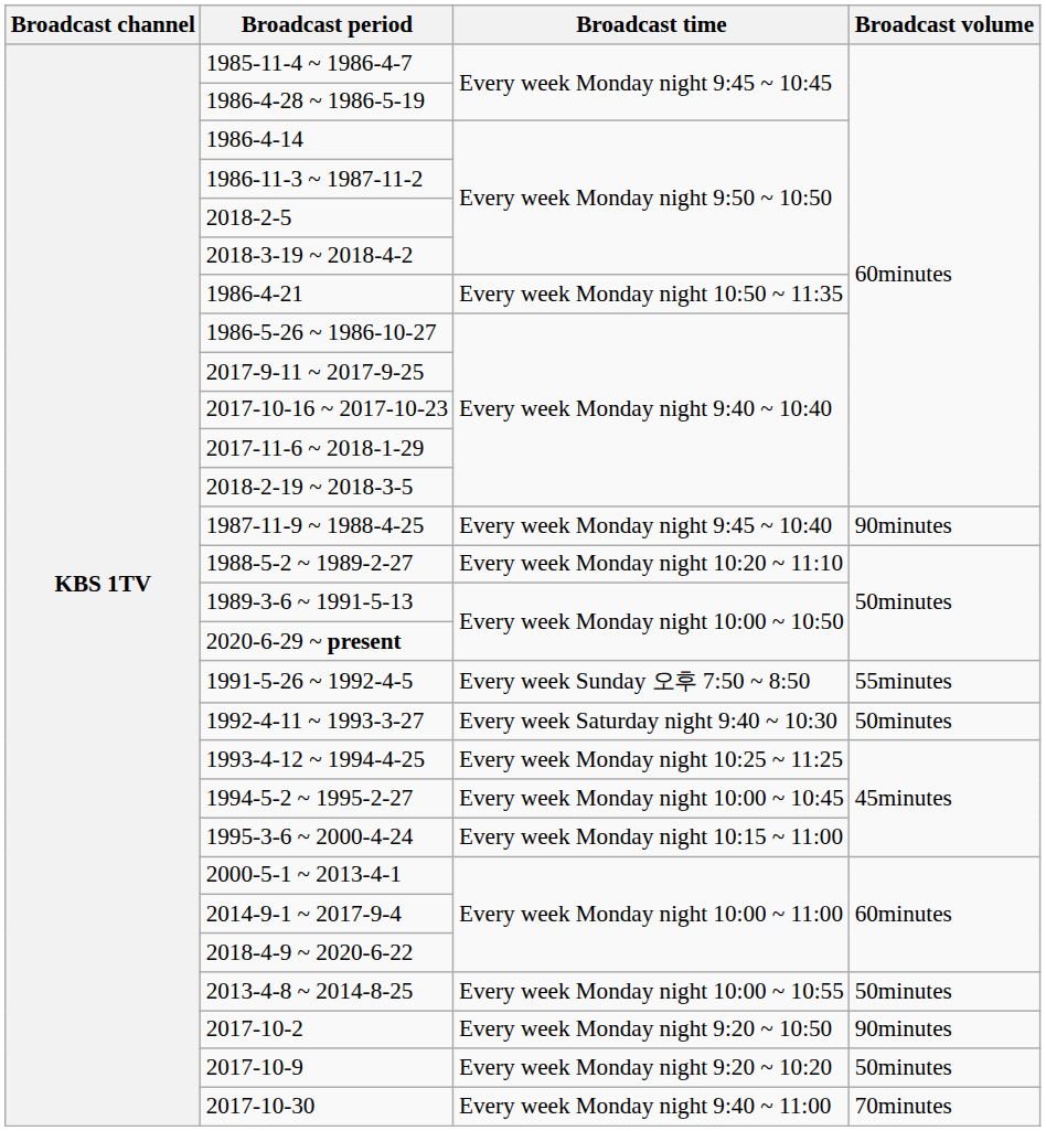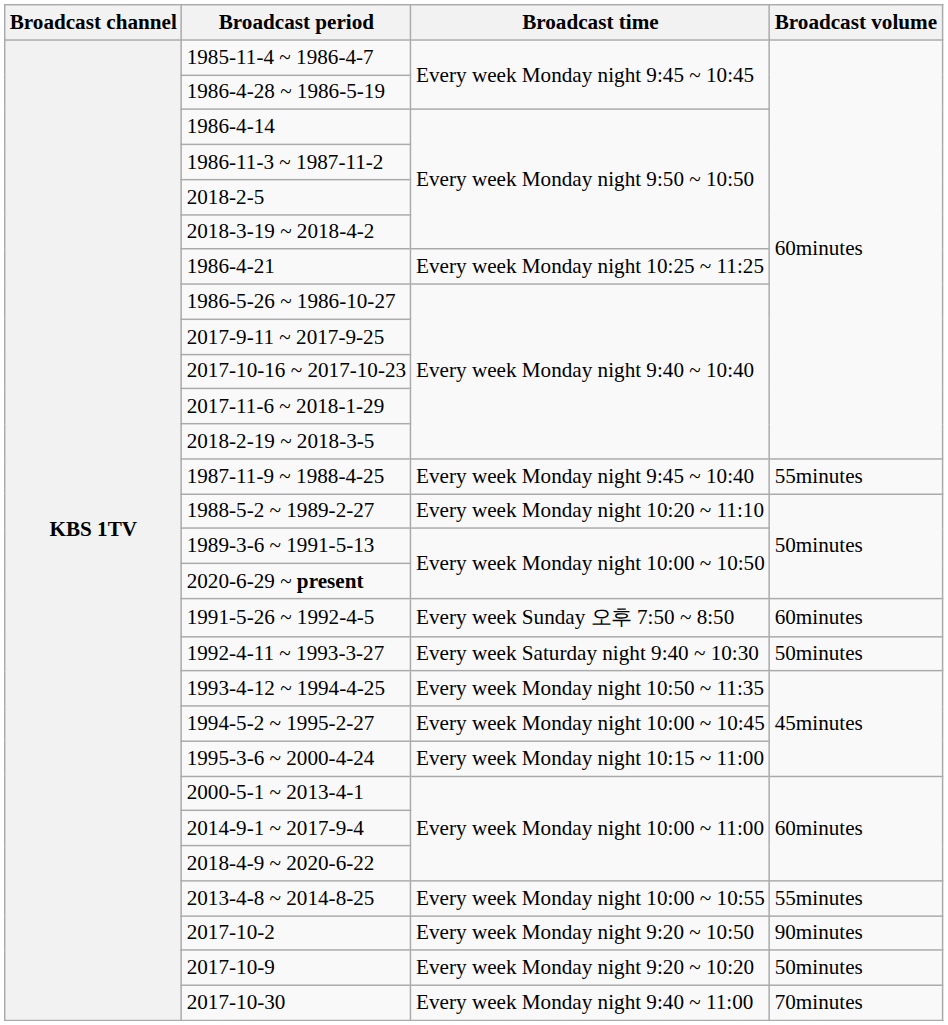 <table class="wikitable" style="font-size: 90%;">
 <tr>
 <th>Broadcast channel</th>
 <th>Broadcast period</th>
 <th>Broadcast time</th>
 <th>Broadcast volume</th>
 </tr>
 <tr>
 <th rowspan="28" style="vertial-align: center;">KBS 1TV</th>
 <td>1985-11-4 ~ 1986-4-7</td>
 <td rowspan="2">Every week Monday night 9:45 ~ 10:45</td>
 <td rowspan="12">60minutes</td>
 </tr>
 <tr>
 <td>1986-4-28 ~ 1986-5-19</td>
 </tr>
 <tr>
 <td>1986-4-14</td>
 <td rowspan="4">Every week Monday night 9:50 ~ 10:50</td>
 </tr>
 <tr>
 <td>1986-11-3 ~ 1987-11-2</td>
 </tr>
 <tr>
 <td>2018-2-5</td>
 </tr>
 <tr>
 <td>2018-3-19 ~ 2018-4-2</td>
 </tr>
 <tr>
 <td>1986-4-21</td>
-<td>Every week Monday night 10:50 ~ 11:35</td>
+<td>Every week Monday night 10:25 ~ 11:25</td>
 </tr>
 <tr>
 <td>1986-5-26 ~ 1986-10-27</td>
 <td rowspan="5">Every week Monday night 9:40 ~ 10:40</td>
 </tr>
 <tr>
 <td>2017-9-11 ~ 2017-9-25</td>
 </tr>
 <tr>
 <td>2017-10-16 ~ 2017-10-23</td>
 </tr>
 <tr>
 <td>2017-11-6 ~ 2018-1-29</td>
 </tr>
 <tr>
 <td>2018-2-19 ~ 2018-3-5</td>
 </tr>
 <tr>
 <td>1987-11-9 ~ 1988-4-25</td>
 <td>Every week Monday night 9:45 ~ 10:40</td>
-<td>90minutes</td>
+<td>55minutes</td>
 </tr>
 <tr>
 <td>1988-5-2 ~ 1989-2-27</td>
 <td>Every week Monday night 10:20 ~ 11:10</td>
 <td rowspan="3">50minutes</td>
 </tr>
 <tr>
 <td>1989-3-6 ~ 1991-5-13</td>
 <td rowspan="2">Every week Monday night 10:00 ~ 10:50</td>
 </tr>
 <tr>
 <td>2020-6-29 ~ <strong>present</strong></td>
 </tr>
 <tr>
 <td>1991-5-26 ~ 1992-4-5</td>
 <td>Every week Sunday 오후 7:50 ~  8:50</td>
-<td>55minutes</td>
+<td>60minutes</td>
 </tr>
 <tr>
 <td>1992-4-11 ~ 1993-3-27</td>
 <td>Every week Saturday night 9:40 ~ 10:30</td>
 <td>50minutes</td>
 </tr>
 <tr>
 <td>1993-4-12 ~ 1994-4-25</td>
-<td>Every week Monday night 10:25 ~ 11:25</td>
+<td>Every week Monday night 10:50 ~ 11:35</td>
 <td rowspan="3">45minutes</td>
 </tr>
 <tr>
 <td>1994-5-2 ~ 1995-2-27</td>
 <td>Every week Monday night 10:00 ~ 10:45</td>
 </tr>
 <tr>
 <td>1995-3-6 ~ 2000-4-24</td>
 <td>Every week Monday night 10:15 ~ 11:00</td>
 </tr>
 <tr>
 <td>2000-5-1 ~ 2013-4-1</td>
 <td rowspan="3">Every week Monday night 10:00 ~ 11:00</td>
 <td rowspan="3">60minutes</td>
 </tr>
 <tr>
 <td>2014-9-1 ~ 2017-9-4</td>
 </tr>
 <tr>
 <td>2018-4-9 ~ 2020-6-22</td>
 </tr>
 <tr>
 <td>2013-4-8 ~ 2014-8-25</td>
 <td>Every week Monday night 10:00 ~ 10:55</td>
-<td>50minutes</td>
+<td>55minutes</td>
 </tr>
 <tr>
 <td>2017-10-2</td>
 <td>Every week Monday night 9:20 ~ 10:50</td>
 <td>90minutes</td>
 </tr>
 <tr>
 <td>2017-10-9</td>
 <td>Every week Monday night 9:20 ~ 10:20</td>
 <td>50minutes</td>
 </tr>
 <tr>
 <td>2017-10-30</td>
 <td>Every week Monday night 9:40 ~ 11:00</td>
 <td>70minutes</td>
 </tr>
 </table>
